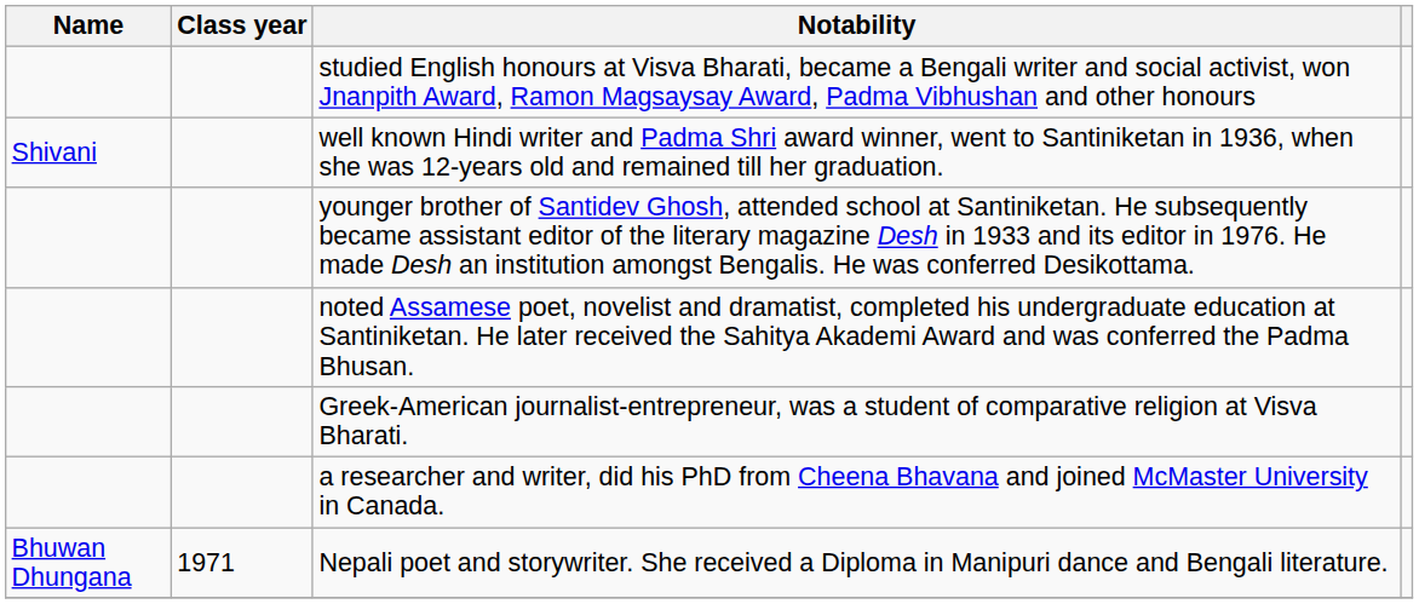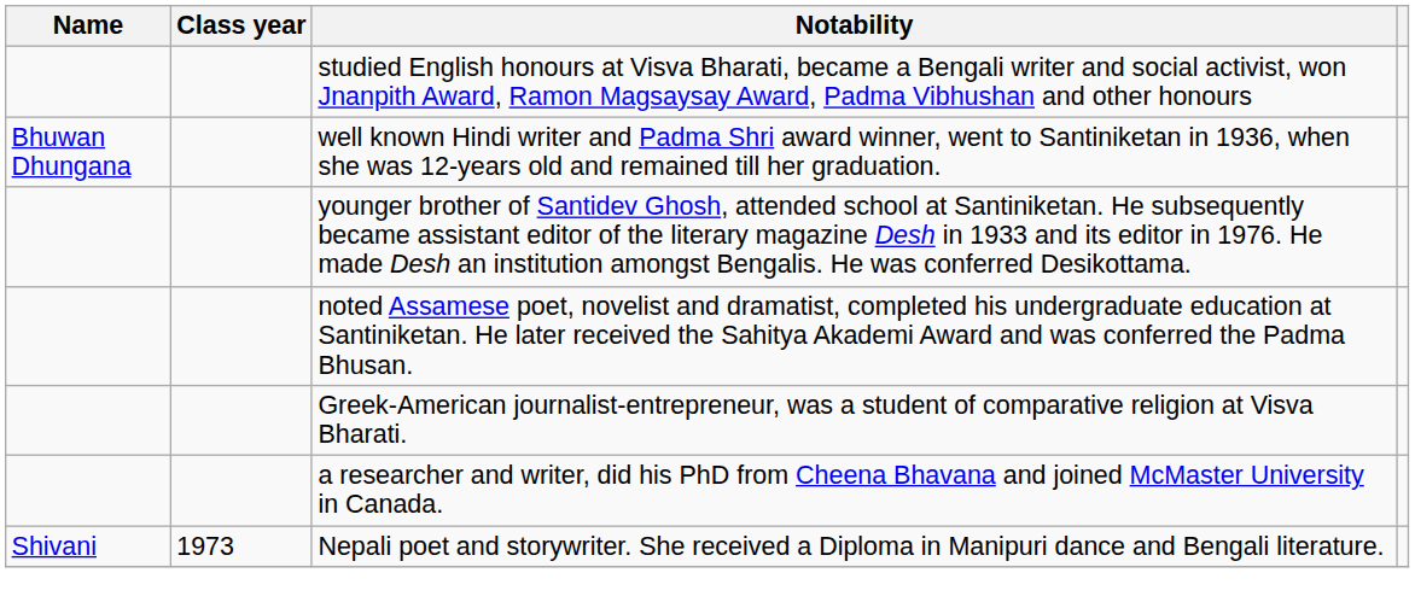 <table class="wikitable sortable">
 <tr>
 <th>Name</th>
 <th data-sort-type="isoDate">Class year</th>
 <th class="unsortable">Notability</th>
 <th class="unsortable"></th>
 </tr>
 <tr>
 <td></td>
 <td style="text-align:center;"></td>
 <td>studied English honours at Visva Bharati, became a Bengali writer and social activist, won  <a href='#'>Jnanpith Award</a>, <a href='#'>Ramon Magsaysay Award</a>, <a href='#'>Padma Vibhushan</a> and other honours</td>
 <td style="text-align:center;"></td>
 </tr>
 <tr>
-<td><a href='#'>Shivani</a></td>
+<td><a href='#'>Bhuwan Dhungana</a></td>
 <td style="text-align:center;"></td>
 <td>well known Hindi writer and <a href='#'>Padma Shri</a> award winner, went to Santiniketan in 1936, when she was 12-years old  and remained till her graduation.</td>
 <td style="text-align:center;"></td>
 </tr>
 <tr>
 <td></td>
 <td style="text-align:center;"></td>
 <td>younger brother of <a href='#'>Santidev Ghosh</a>, attended school at Santiniketan. He subsequently became assistant editor of the literary magazine <em><a href='#'>Desh</a></em> in 1933 and its editor in 1976. He made <em>Desh</em> an institution amongst Bengalis. He was conferred Desikottama.</td>
 <td style="text-align:center;"></td>
 </tr>
 <tr>
 <td></td>
 <td style="text-align:center;"></td>
 <td>noted <a href='#'>Assamese</a> poet, novelist and dramatist, completed his undergraduate education at Santiniketan. He later received the Sahitya Akademi Award and was conferred the Padma Bhusan.</td>
 <td style="text-align:center;"></td>
 </tr>
 <tr>
 <td></td>
 <td style="text-align:center;"></td>
 <td>Greek-American journalist-entrepreneur, was a student of comparative religion at Visva Bharati.</td>
 <td style="text-align:center;"></td>
 </tr>
 <tr>
 <td></td>
 <td style="text-align:center;"></td>
 <td>a researcher and writer, did his PhD from <a href='#'>Cheena Bhavana</a> and joined <a href='#'>McMaster University</a> in Canada.</td>
 <td style="text-align:center;"></td>
 </tr>
 <tr>
-<td><a href='#'>Bhuwan Dhungana</a></td>
-<td>1971</td>
+<td><a href='#'>Shivani</a></td>
+<td>1973</td>
 <td>Nepali poet and storywriter. She received a Diploma in Manipuri dance and Bengali literature.</td>
 <td></td>
 </tr>
 <tr>
 </tr>
 </table>
